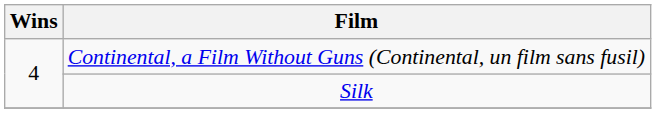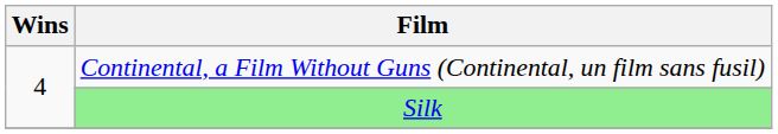 <table class="wikitable" style="text-align:center;">
 <tr>
 <th scope="col" width="17">Wins</th>
 <th scope="col" align="center">Film</th>
 </tr>
 <tr>
 <td rowspan="2" style="text-align:center;">4</td>
 <td><em><a href='#'>Continental, a Film Without Guns</a> (Continental, un film sans fusil)</em></td>
 </tr>
 <tr>
-<td><em><a href='#'>Silk</a></em></td>
+<td style="background: lightgreen;"><em><a href='#'>Silk</a></em></td>
 </tr>
 <tr>
 </tr>
 </table>
